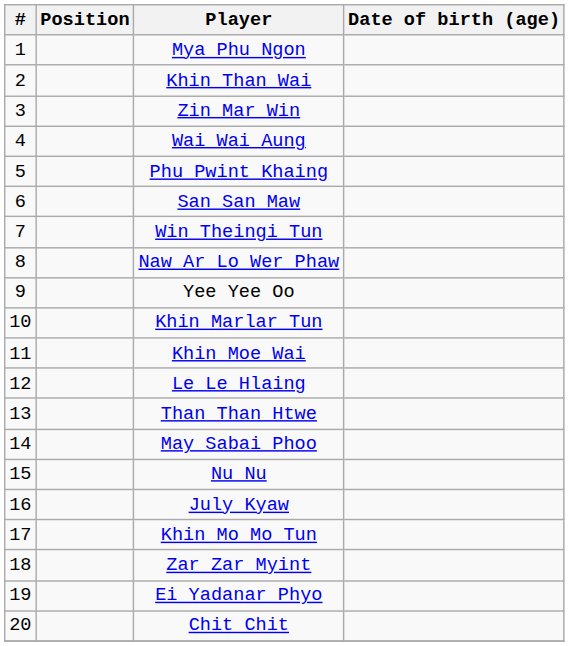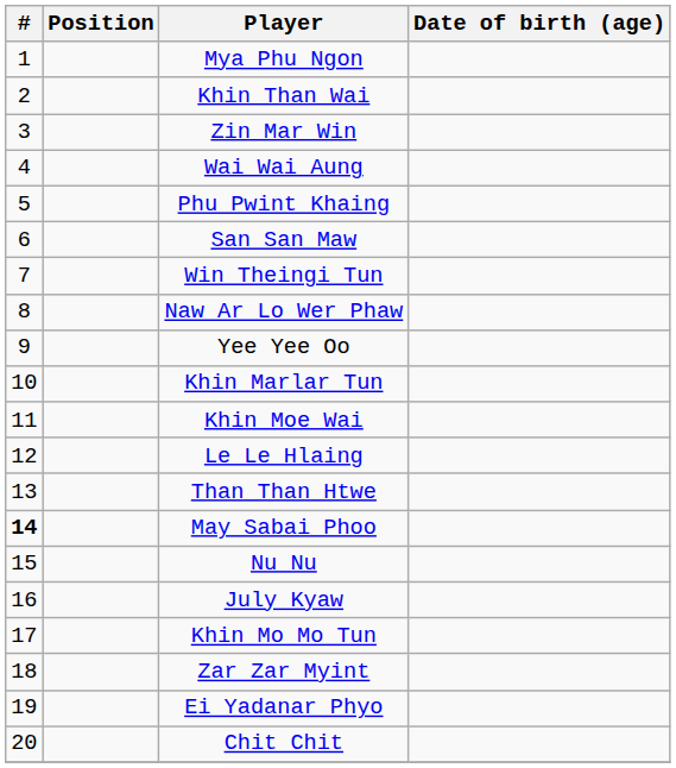 <table class="wikitable sortable" style="text-align: center;">
 <tr>
 <th>#</th>
 <th>Position</th>
 <th>Player</th>
 <th>Date of birth (age)</th>
 </tr>
 <tr>
 <td>1</td>
 <td></td>
 <td><a href='#'>Mya Phu Ngon</a></td>
 <td></td>
 </tr>
 <tr>
 <td>2</td>
 <td></td>
 <td><a href='#'>Khin Than Wai</a></td>
 <td></td>
 </tr>
 <tr>
 <td>3</td>
 <td></td>
 <td><a href='#'>Zin Mar Win</a></td>
 <td></td>
 </tr>
 <tr>
 <td>4</td>
 <td></td>
 <td><a href='#'>Wai Wai Aung</a></td>
 <td></td>
 </tr>
 <tr>
 <td>5</td>
 <td></td>
 <td><a href='#'>Phu Pwint Khaing</a></td>
 <td></td>
 </tr>
 <tr>
 <td>6</td>
 <td></td>
 <td><a href='#'>San San Maw</a></td>
 <td></td>
 </tr>
 <tr>
 <td>7</td>
 <td></td>
 <td><a href='#'>Win Theingi Tun</a></td>
 <td></td>
 </tr>
 <tr>
 <td>8</td>
 <td></td>
 <td><a href='#'>Naw Ar Lo Wer Phaw</a></td>
 <td></td>
 </tr>
 <tr>
 <td>9</td>
 <td></td>
 <td>Yee Yee Oo</td>
 <td></td>
 </tr>
 <tr>
 <td>10</td>
 <td></td>
 <td><a href='#'>Khin Marlar Tun</a></td>
 <td></td>
 </tr>
 <tr>
 <td>11</td>
 <td></td>
 <td><a href='#'>Khin Moe Wai</a></td>
 <td></td>
 </tr>
 <tr>
 <td>12</td>
 <td></td>
 <td><a href='#'>Le Le Hlaing</a></td>
 <td></td>
 </tr>
 <tr>
 <td>13</td>
 <td></td>
 <td><a href='#'>Than Than Htwe</a></td>
 <td></td>
 </tr>
 <tr>
-<td>14</td>
+<td><strong>14</strong></td>
 <td></td>
 <td><a href='#'>May Sabai Phoo</a></td>
 <td></td>
 </tr>
 <tr>
 <td>15</td>
 <td></td>
 <td><a href='#'>Nu Nu</a></td>
 <td></td>
 </tr>
 <tr>
 <td>16</td>
 <td></td>
 <td><a href='#'>July Kyaw</a></td>
 <td></td>
 </tr>
 <tr>
 <td>17</td>
 <td></td>
 <td><a href='#'>Khin Mo Mo Tun</a></td>
 <td></td>
 </tr>
 <tr>
 <td>18</td>
 <td></td>
 <td><a href='#'>Zar Zar Myint</a></td>
 <td></td>
 </tr>
 <tr>
 <td>19</td>
 <td></td>
 <td><a href='#'>Ei Yadanar Phyo</a></td>
 <td></td>
 </tr>
 <tr>
 <td>20</td>
 <td></td>
 <td><a href='#'>Chit Chit</a></td>
 <td></td>
 </tr>
 <tr>
 </tr>
 </table>
